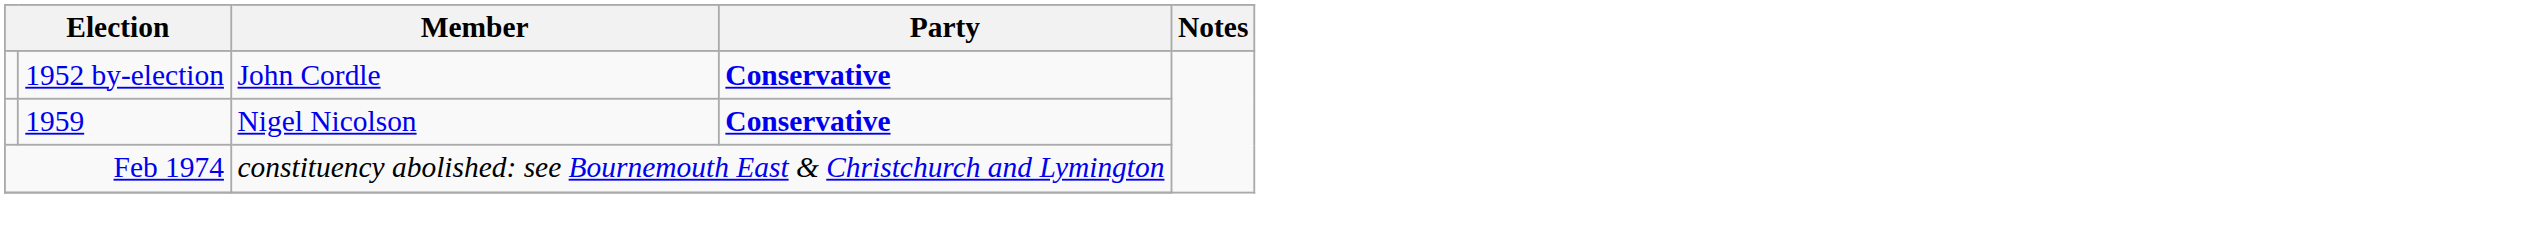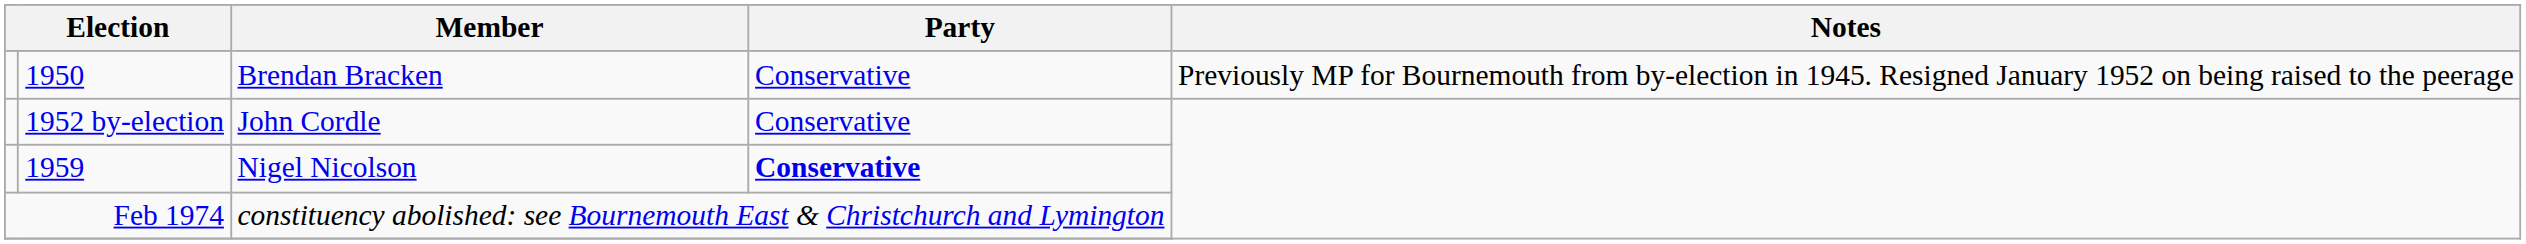 <table class="wikitable">
 <tr>
 <th colspan="2">Election</th>
 <th>Member</th>
 <th>Party</th>
 <th>Notes</th>
 </tr>
 <tr>
 <td style="color:inherit;background-color: "></td>
+<td><a href='#'>1950</a></td>
+<td><a href='#'>Brendan Bracken</a></td>
+<td><a href='#'>Conservative</a></td>
+<td>Previously MP for Bournemouth from by-election in 1945. Resigned January 1952 on being raised to the peerage</td>
+</tr>
+<tr>
+<td style="color:inherit;background-color: "></td>
 <td><a href='#'>1952 by-election</a></td>
 <td><a href='#'>John Cordle</a></td>
-<td><strong><a href='#'>Conservative</a></strong></td>
+<td><a href='#'>Conservative</a></td>
 </tr>
 <tr>
 <td style="color:inherit;background-color: "></td>
 <td><a href='#'>1959</a></td>
 <td><a href='#'>Nigel Nicolson</a></td>
 <td><strong><a href='#'>Conservative</a></strong></td>
 </tr>
 <tr>
 <td colspan="2" align="right"><a href='#'>Feb 1974</a></td>
 <td colspan="2"><em>constituency abolished: see <a href='#'>Bournemouth East</a> & <a href='#'>Christchurch and Lymington</a></em></td>
 </tr>
 <tr>
 </tr>
 </table>
